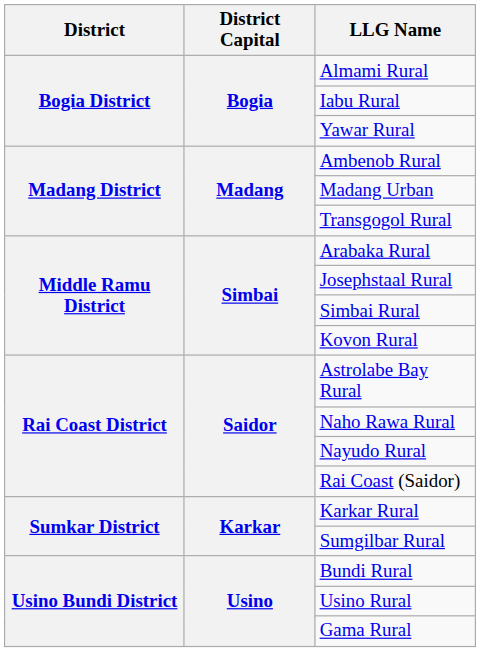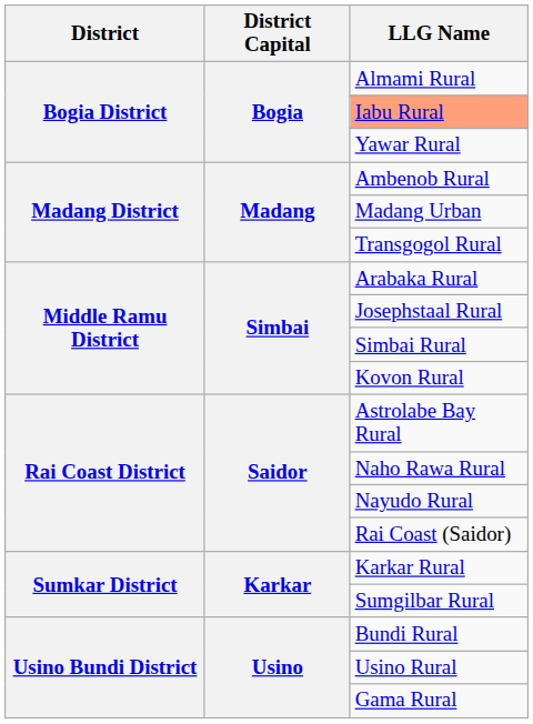 <table class="wikitable" style="text-align: left;" width="400">
 <tr>
 <th>District</th>
 <th>District Capital</th>
 <th>LLG Name</th>
 </tr>
 <tr>
 <th rowspan="3"><a href='#'>Bogia District</a></th>
 <th rowspan="3"><a href='#'>Bogia</a></th>
 <td><a href='#'>Almami Rural</a></td>
 </tr>
 <tr>
-<td><a href='#'>Iabu Rural</a></td>
+<td style="background: lightsalmon;"><a href='#'>Iabu Rural</a></td>
 </tr>
 <tr>
 <td><a href='#'>Yawar Rural</a></td>
 </tr>
 <tr>
 <th rowspan="3"><a href='#'>Madang District</a></th>
 <th rowspan="3"><a href='#'>Madang</a></th>
 <td><a href='#'>Ambenob Rural</a></td>
 </tr>
 <tr>
 <td><a href='#'>Madang Urban</a></td>
 </tr>
 <tr>
 <td><a href='#'>Transgogol Rural</a></td>
 </tr>
 <tr>
 <th rowspan="4"><a href='#'>Middle Ramu District</a></th>
 <th rowspan="4"><a href='#'>Simbai</a></th>
 <td><a href='#'>Arabaka Rural</a></td>
 </tr>
 <tr>
 <td><a href='#'>Josephstaal Rural</a></td>
 </tr>
 <tr>
 <td><a href='#'>Simbai Rural</a></td>
 </tr>
 <tr>
 <td><a href='#'>Kovon Rural</a></td>
 </tr>
 <tr>
 <th rowspan="4"><a href='#'>Rai Coast District</a></th>
 <th rowspan="4"><a href='#'>Saidor</a></th>
 <td><a href='#'>Astrolabe Bay Rural</a></td>
 </tr>
 <tr>
 <td><a href='#'>Naho Rawa Rural</a></td>
 </tr>
 <tr>
 <td><a href='#'>Nayudo Rural</a></td>
 </tr>
 <tr>
 <td><a href='#'>Rai Coast</a> (Saidor)</td>
 </tr>
 <tr>
 <th rowspan="2"><a href='#'>Sumkar District</a></th>
 <th rowspan="2"><a href='#'>Karkar</a></th>
 <td><a href='#'>Karkar Rural</a></td>
 </tr>
 <tr>
 <td><a href='#'>Sumgilbar Rural</a></td>
 </tr>
 <tr>
 <th rowspan="3"><a href='#'>Usino Bundi District</a></th>
 <th rowspan="3"><a href='#'>Usino</a></th>
 <td><a href='#'>Bundi Rural</a></td>
 </tr>
 <tr>
 <td><a href='#'>Usino Rural</a></td>
 </tr>
 <tr>
 <td><a href='#'>Gama Rural</a></td>
 </tr>
 </table>
